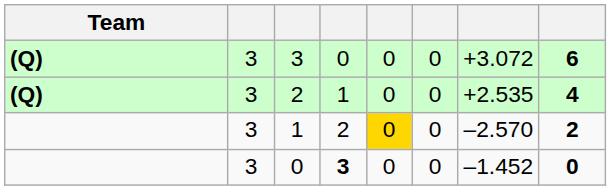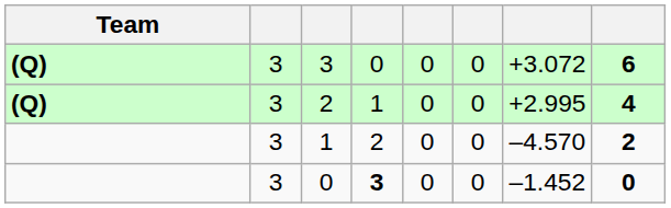 <table class="wikitable" style="text-align:center">
 <tr>
 <th width="150">Team</th>
 <th width="25"></th>
 <th width="25"></th>
 <th width="25"></th>
 <th width="25"></th>
 <th width="25"></th>
 <th width="40"></th>
 <th width="40"></th>
 </tr>
 <tr style="background:#cfc">
 <td style="text-align:left"> <strong>(Q)</strong></td>
 <td>3</td>
 <td>3</td>
 <td>0</td>
 <td>0</td>
 <td>0</td>
 <td>+3.072</td>
 <td><strong>6</strong></td>
 </tr>
 <tr style="background:#cfc">
 <td style="text-align:left"> <strong>(Q)</strong></td>
 <td>3</td>
 <td>2</td>
 <td>1</td>
 <td>0</td>
 <td>0</td>
-<td>+2.535</td>
+<td>+2.995</td>
 <td><strong>4</strong></td>
 </tr>
 <tr>
 <td style="text-align:left"></td>
 <td>3</td>
 <td>1</td>
 <td>2</td>
-<td style="background: gold;">0</td>
 <td>0</td>
-<td>–2.570</td>
+<td>0</td>
+<td>–4.570</td>
 <td><strong>2</strong></td>
 </tr>
 <tr>
 <td style="text-align:left"></td>
 <td>3</td>
 <td>0</td>
 <td><strong>3</strong></td>
 <td>0</td>
 <td>0</td>
 <td>–1.452</td>
 <td><strong>0</strong></td>
 </tr>
 </table>
